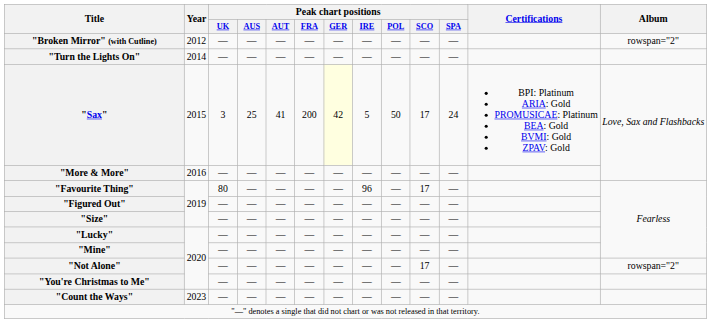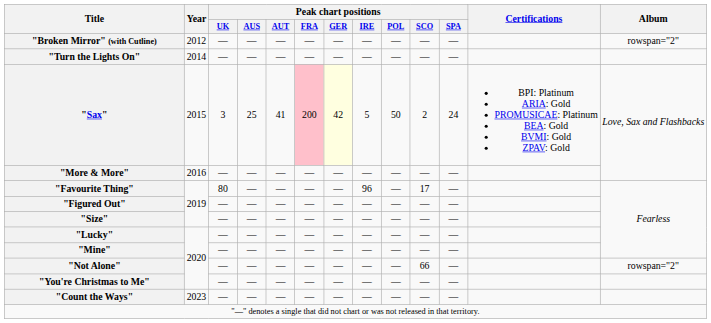 <table class="wikitable plainrowheaders" style="text-align:center;">
 <tr>
 <th scope="col" rowspan="2" style="width:18em;">Title</th>
 <th scope="col" rowspan="2" style="width:1em;">Year</th>
 <th scope="col" colspan="9">Peak chart positions</th>
 <th scope="col" rowspan="2"><a href='#'>Certifications</a></th>
 <th scope="col" rowspan="2">Album</th>
 </tr>
 <tr>
 <th scope="col" style="width:3em;font-size:85%;"><a href='#'>UK</a><br></th>
 <th scope="col" style="width:3em;font-size:85%;"><a href='#'>AUS</a><br></th>
 <th scope="col" style="width:3em;font-size:85%;"><a href='#'>AUT</a><br></th>
 <th scope="col" style="width:3em;font-size:85%;"><a href='#'>FRA</a><br></th>
 <th scope="col" style="width:3em;font-size:85%;"><a href='#'>GER</a><br></th>
 <th scope="col" style="width:3em;font-size:85%;"><a href='#'>IRE</a><br></th>
 <th scope="col" style="width:3em;font-size:85%;"><a href='#'>POL</a><br></th>
 <th scope="col" style="width:3em;font-size:85%;"><a href='#'>SCO</a><br></th>
 <th scope="col" style="width:3em;font-size:85%;"><a href='#'>SPA</a><br></th>
 </tr>
 <tr>
 <th scope="row">"Broken Mirror" <small>(with Cutline)</small></th>
 <td>2012</td>
 <td>—</td>
 <td>—</td>
 <td>—</td>
 <td>—</td>
 <td>—</td>
 <td>—</td>
 <td>—</td>
 <td>—</td>
 <td>—</td>
 <td></td>
 <td>rowspan="2" </td>
 </tr>
 <tr>
 <th scope="row">"Turn the Lights On"</th>
 <td>2014</td>
 <td>—</td>
 <td>—</td>
 <td>—</td>
 <td>—</td>
 <td>—</td>
 <td>—</td>
 <td>—</td>
 <td>—</td>
 <td>—</td>
 <td></td>
 </tr>
 <tr>
 <th scope="row">"<a href='#'>Sax</a>"</th>
 <td>2015</td>
 <td>3</td>
 <td>25</td>
 <td>41</td>
-<td>200</td>
+<td style="background: pink;">200</td>
 <td style="background: lightyellow;">42</td>
 <td>5</td>
 <td>50</td>
-<td>17</td>
+<td>2</td>
 <td>24</td>
 <td><br><ul><li>BPI: Platinum</li><li><a href='#'>ARIA</a>: Gold</li><li><a href='#'>PROMUSICAE</a>: Platinum</li><li><a href='#'>BEA</a>: Gold</li><li><a href='#'>BVMI</a>: Gold</li><li><a href='#'>ZPAV</a>: Gold</li></ul></td>
 <td rowspan="2"><em>Love, Sax and Flashbacks</em></td>
 </tr>
 <tr>
 <th scope="row">"More & More"</th>
 <td>2016</td>
 <td>—</td>
 <td>—</td>
 <td>—</td>
 <td>—</td>
 <td>—</td>
 <td>—</td>
 <td>—</td>
 <td>—</td>
 <td>—</td>
 <td></td>
 </tr>
 <tr>
 <th scope="row">"Favourite Thing"</th>
 <td rowspan="3">2019</td>
 <td>80</td>
 <td>—</td>
 <td>—</td>
 <td>—</td>
 <td>—</td>
 <td>96</td>
 <td>—</td>
 <td>17</td>
 <td>—</td>
 <td></td>
 <td rowspan="5"><em>Fearless</em></td>
 </tr>
 <tr>
 <th scope="row">"Figured Out"</th>
 <td>—</td>
 <td>—</td>
 <td>—</td>
 <td>—</td>
 <td>—</td>
 <td>—</td>
 <td>—</td>
 <td>—</td>
 <td>—</td>
 <td></td>
 </tr>
 <tr>
 <th scope="row">"Size"</th>
 <td>—</td>
 <td>—</td>
 <td>—</td>
 <td>—</td>
 <td>—</td>
 <td>—</td>
 <td>—</td>
 <td>—</td>
 <td>—</td>
 <td></td>
 </tr>
 <tr>
 <th scope="row">"Lucky"</th>
 <td rowspan="4">2020</td>
 <td>—</td>
 <td>—</td>
 <td>—</td>
 <td>—</td>
 <td>—</td>
 <td>—</td>
 <td>—</td>
 <td>—</td>
 <td>—</td>
 <td></td>
 </tr>
 <tr>
 <th scope="row">"Mine"</th>
 <td>—</td>
 <td>—</td>
 <td>—</td>
 <td>—</td>
 <td>—</td>
 <td>—</td>
 <td>—</td>
 <td>—</td>
 <td>—</td>
 <td></td>
 </tr>
 <tr>
 <th scope="row">"Not Alone" </th>
 <td>—</td>
 <td>—</td>
 <td>—</td>
 <td>—</td>
 <td>—</td>
 <td>—</td>
 <td>—</td>
-<td>17</td>
+<td>66</td>
 <td>—</td>
 <td></td>
 <td>rowspan="2" </td>
 </tr>
 <tr>
 <th scope="row">"You're Christmas to Me"</th>
 <td>—</td>
 <td>—</td>
 <td>—</td>
 <td>—</td>
 <td>—</td>
 <td>—</td>
 <td>—</td>
 <td>—</td>
 <td>—</td>
 <td></td>
 </tr>
 <tr>
 <th scope="row">"Count the Ways"</th>
 <td>2023</td>
 <td>—</td>
 <td>—</td>
 <td>—</td>
 <td>—</td>
 <td>—</td>
 <td>—</td>
 <td>—</td>
 <td>—</td>
 <td>—</td>
 <td></td>
 <td></td>
 </tr>
 <tr>
 <td colspan="13" style="font-size:85%">"—" denotes a single that did not chart or was not released in that territory.</td>
 </tr>
 </table>
